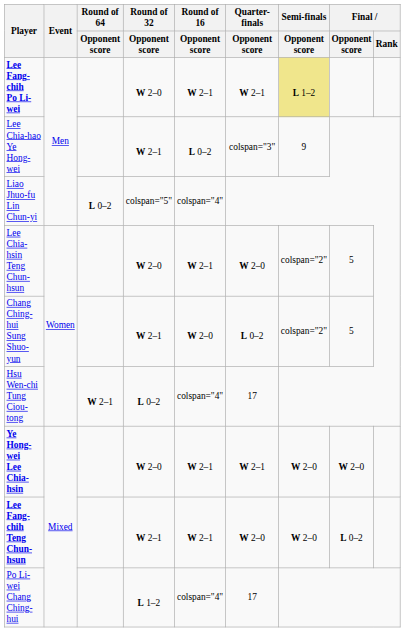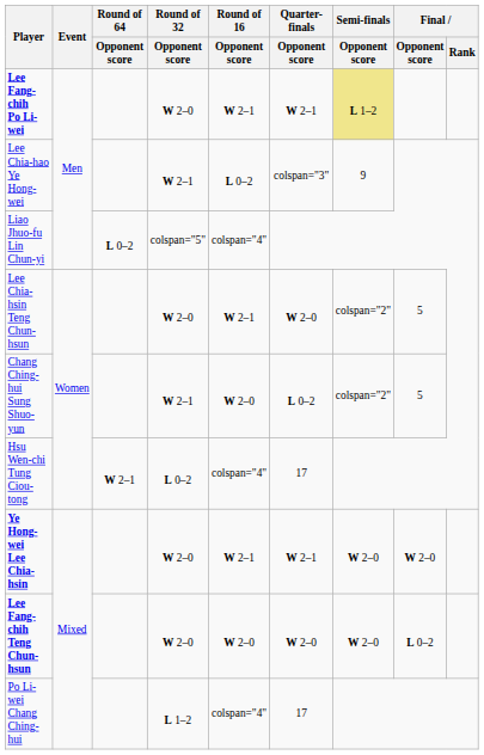 <table class="wikitable" style="font-size:90%; text-align:center">
 <tr>
 <th rowspan="2">Player</th>
 <th rowspan="2">Event</th>
 <th>Round of 64</th>
 <th>Round of 32</th>
 <th>Round of 16</th>
 <th>Quarter-finals</th>
 <th>Semi-finals</th>
 <th colspan="2">Final / </th>
 </tr>
 <tr>
 <th>Opponent<br>score</th>
 <th>Opponent<br>score</th>
 <th>Opponent<br>score</th>
 <th>Opponent<br>score</th>
 <th>Opponent<br>score</th>
 <th>Opponent<br>score</th>
 <th>Rank</th>
 </tr>
 <tr>
 <td align="left"><strong><a href='#'>Lee Fang-chih</a><br><a href='#'>Po Li-wei</a></strong></td>
 <td rowspan="3"><a href='#'>Men</a></td>
 <td></td>
 <td><br><strong>W</strong> 2–0</td>
 <td><br><strong>W</strong> 2–1</td>
 <td><br><strong>W</strong> 2–1</td>
 <td style="background: khaki;"><br><strong>L</strong> 1–2</td>
 <td></td>
 <td></td>
 </tr>
 <tr>
 <td align="left"><a href='#'>Lee Chia-hao</a><br><a href='#'>Ye Hong-wei</a></td>
 <td></td>
 <td><br><strong>W</strong> 2–1</td>
 <td><br><strong>L</strong> 0–2</td>
 <td>colspan="3" </td>
 <td>9</td>
 </tr>
 <tr>
 <td align="left"><a href='#'>Liao Jhuo-fu</a><br><a href='#'>Lin Chun-yi</a></td>
 <td><br><strong>L</strong> 0–2</td>
 <td>colspan="5" </td>
 <td>colspan="4" </td>
 </tr>
 <tr>
 <td align="left"><a href='#'>Lee Chia-hsin</a><br><a href='#'>Teng Chun-hsun</a></td>
 <td rowspan="3"><a href='#'>Women</a></td>
 <td></td>
 <td><br><strong>W</strong> 2–0</td>
 <td><br><strong>W</strong> 2–1</td>
 <td><br><strong>W</strong> 2–0</td>
 <td>colspan="2" </td>
 <td>5</td>
 </tr>
 <tr>
 <td align="left"><a href='#'>Chang Ching-hui</a><br><a href='#'>Sung Shuo-yun</a></td>
 <td></td>
 <td><br><strong>W</strong> 2–1</td>
 <td><br><strong>W</strong> 2–0</td>
 <td><br><strong>L</strong> 0–2</td>
 <td>colspan="2" </td>
 <td>5</td>
 </tr>
 <tr>
 <td align="left"><a href='#'>Hsu Wen-chi</a><br><a href='#'>Tung Ciou-tong</a></td>
 <td><br><strong>W</strong> 2–1</td>
 <td><br><strong>L</strong> 0–2</td>
 <td>colspan="4" </td>
 <td>17</td>
 </tr>
 <tr>
 <td align="left"><strong><a href='#'>Ye Hong-wei</a><br><a href='#'>Lee Chia-hsin</a></strong></td>
 <td rowspan="3"><a href='#'>Mixed</a></td>
 <td></td>
 <td><br><strong>W</strong> 2–0</td>
 <td><br><strong>W</strong> 2–1</td>
 <td><br><strong>W</strong> 2–1</td>
 <td><br><strong>W</strong> 2–0</td>
 <td><br><strong>W</strong> 2–0</td>
 <td></td>
 </tr>
 <tr>
 <td align="left"><strong><a href='#'>Lee Fang-chih</a><br><a href='#'>Teng Chun-hsun</a></strong></td>
 <td></td>
-<td><br><strong>W</strong> 2–1</td>
-<td><br><strong>W</strong> 2–1</td>
+<td><br><strong>W</strong> 2–0</td>
+<td><br><strong>W</strong> 2–0</td>
 <td><br><strong>W</strong> 2–0</td>
 <td><br><strong>W</strong> 2–0</td>
 <td><br><strong>L</strong> 0–2</td>
 <td></td>
 </tr>
 <tr>
 <td align="left"><a href='#'>Po Li-wei</a><br><a href='#'>Chang Ching-hui</a></td>
 <td></td>
 <td><br><strong>L</strong> 1–2</td>
 <td>colspan="4" </td>
 <td>17</td>
 </tr>
 </table>
